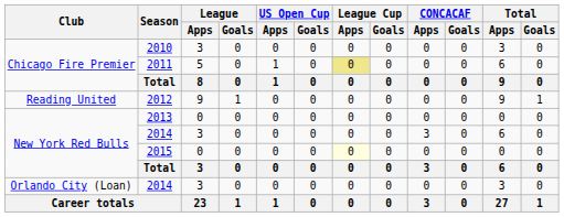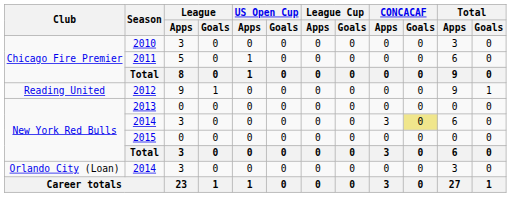 <table class="wikitable" style="text-align:center">
 <tr>
 <th rowspan="2">Club</th>
 <th rowspan="2">Season</th>
 <th colspan="2">League</th>
 <th colspan="2"><a href='#'>US Open Cup</a></th>
 <th colspan="2">League Cup</th>
 <th colspan="2"><a href='#'>CONCACAF</a></th>
 <th colspan="2">Total</th>
 </tr>
 <tr>
 <th width="40">Apps</th>
 <th width="40">Goals</th>
 <th width="40">Apps</th>
 <th width="40">Goals</th>
 <th width="40">Apps</th>
 <th width="40">Goals</th>
 <th width="40">Apps</th>
 <th width="40">Goals</th>
 <th width="40">Apps</th>
 <th width="40">Goals</th>
 </tr>
 <tr>
 <td rowspan="3"><a href='#'>Chicago Fire Premier</a></td>
 <td><a href='#'>2010</a></td>
 <td>3</td>
 <td>0</td>
 <td>0</td>
 <td>0</td>
 <td>0</td>
 <td>0</td>
 <td>0</td>
 <td>0</td>
 <td>3</td>
 <td>0</td>
 </tr>
 <tr>
 <td><a href='#'>2011</a></td>
 <td>5</td>
 <td>0</td>
 <td>1</td>
 <td>0</td>
-<td style="background: khaki;">0</td>
+<td>0</td>
 <td>0</td>
 <td>0</td>
 <td>0</td>
 <td>6</td>
 <td>0</td>
 </tr>
 <tr>
 <th>Total</th>
 <th>8</th>
 <th>0</th>
 <th>1</th>
 <th>0</th>
 <th>0</th>
 <th>0</th>
 <th>0</th>
 <th>0</th>
 <th>9</th>
 <th>0</th>
 </tr>
 <tr>
 <td rowspan="1"><a href='#'>Reading United</a></td>
 <td><a href='#'>2012</a></td>
 <td>9</td>
 <td>1</td>
 <td>0</td>
 <td>0</td>
 <td>0</td>
 <td>0</td>
 <td>0</td>
 <td>0</td>
 <td>9</td>
 <td>1</td>
 </tr>
 <tr>
 <td rowspan="4"><a href='#'>New York Red Bulls</a></td>
 <td><a href='#'>2013</a></td>
 <td>0</td>
 <td>0</td>
 <td>0</td>
 <td>0</td>
 <td>0</td>
 <td>0</td>
 <td>0</td>
 <td>0</td>
 <td>0</td>
 <td>0</td>
 </tr>
 <tr>
 <td><a href='#'>2014</a></td>
 <td>3</td>
 <td>0</td>
 <td>0</td>
 <td>0</td>
 <td>0</td>
 <td>0</td>
 <td>3</td>
-<td>0</td>
+<td style="background: khaki;">0</td>
 <td>6</td>
 <td>0</td>
 </tr>
 <tr>
 <td><a href='#'>2015</a></td>
 <td>0</td>
 <td>0</td>
 <td>0</td>
 <td>0</td>
-<td style="background: lightyellow;">0</td>
+<td>0</td>
 <td>0</td>
 <td>0</td>
 <td>0</td>
 <td>0</td>
 <td>0</td>
 </tr>
 <tr>
 <th>Total</th>
 <th>3</th>
 <th>0</th>
 <th>0</th>
 <th>0</th>
 <th>0</th>
 <th>0</th>
 <th>3</th>
 <th>0</th>
 <th>6</th>
 <th>0</th>
 </tr>
 <tr>
 <td rowspan="1"><a href='#'>Orlando City</a> (Loan)</td>
 <td><a href='#'>2014</a></td>
 <td>3</td>
 <td>0</td>
 <td>0</td>
 <td>0</td>
 <td>0</td>
 <td>0</td>
 <td>0</td>
 <td>0</td>
 <td>3</td>
 <td>0</td>
 </tr>
 <tr>
 <th colspan="2">Career totals</th>
 <th>23</th>
 <th>1</th>
 <th>1</th>
 <th>0</th>
 <th>0</th>
 <th>0</th>
 <th>3</th>
 <th>0</th>
 <th>27</th>
 <th>1</th>
 </tr>
 </table>
